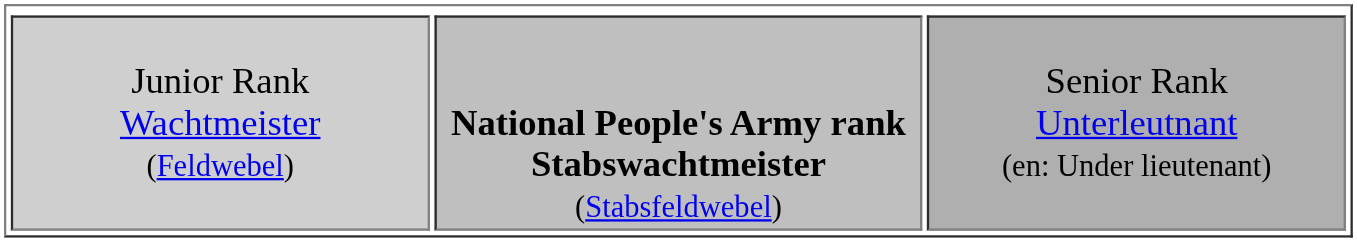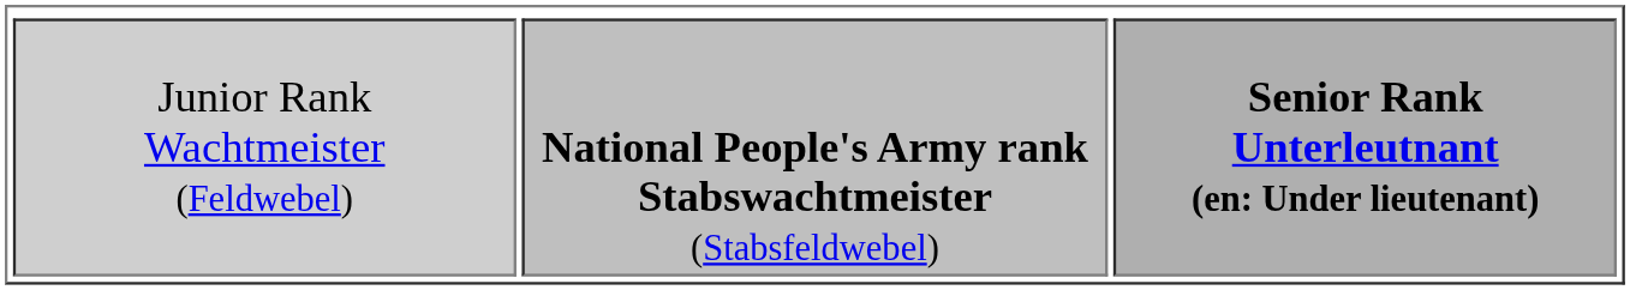 <table class="wikipedia sortable" border="1">
 <tr>
 </tr>
 <tr>
 <td width="30%" align="center" style="background:#cfcfcf;">Junior Rank<br><a href='#'>Wachtmeister</a><br><small>(<a href='#'>Feldwebel</a>)</small></td>
 <td width="35%" align="center"  style="background:#bfbfbf;"><br><br><strong>National People's Army rank</strong><br><strong>Stabswachtmeister</strong><br><small>(<a href='#'>Stabsfeldwebel</a>)</small></td>
-<td width="30%" align="center" style="background:#afafaf;">Senior Rank<br><a href='#'>Unterleutnant</a><br><small>(en: Under lieutenant)</small></td>
+<td width="30%" align="center" style="background:#afafaf;"><strong>Senior Rank<br><a href='#'>Unterleutnant</a><br><small>(en: Under lieutenant)</small></strong></td>
 </tr>
 </table>
